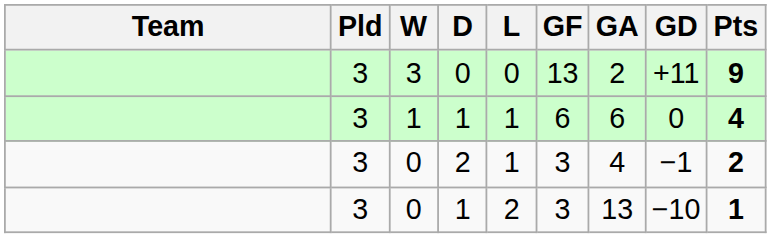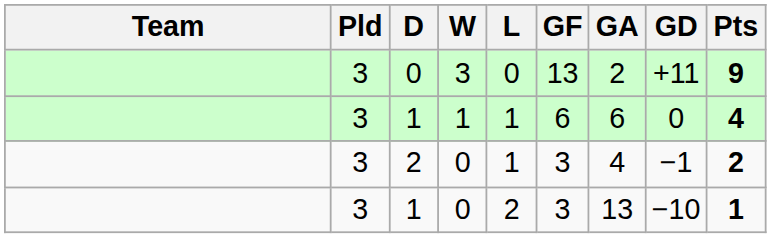 <table class="wikitable" style="text-align: center;">
 <tr>
 <th width=175>Team</th>
 <th width=20>Pld</th>
+<th width=20>D</th>
 <th width=20>W</th>
-<th width=20>D</th>
 <th width=20>L</th>
 <th width=20>GF</th>
 <th width=20>GA</th>
 <th width=20>GD</th>
 <th width=20>Pts</th>
 </tr>
 <tr bgcolor=#ccffcc>
 <td style="text-align:left;"></td>
 <td>3</td>
+<td>0</td>
 <td>3</td>
-<td>0</td>
 <td>0</td>
 <td>13</td>
 <td>2</td>
 <td>+11</td>
 <td><strong>9</strong></td>
 </tr>
 <tr bgcolor=#ccffcc>
 <td style="text-align:left;"><strong></strong></td>
 <td>3</td>
 <td>1</td>
 <td>1</td>
 <td>1</td>
 <td>6</td>
 <td>6</td>
 <td>0</td>
 <td><strong>4</strong></td>
 </tr>
 <tr>
 <td style="text-align:left;"></td>
 <td>3</td>
+<td>2</td>
 <td>0</td>
-<td>2</td>
 <td>1</td>
 <td>3</td>
 <td>4</td>
 <td>−1</td>
 <td><strong>2</strong></td>
 </tr>
 <tr>
 <td style="text-align:left;"></td>
 <td>3</td>
+<td>1</td>
 <td>0</td>
-<td>1</td>
 <td>2</td>
 <td>3</td>
 <td>13</td>
 <td>−10</td>
 <td><strong>1</strong></td>
 </tr>
 </table>
